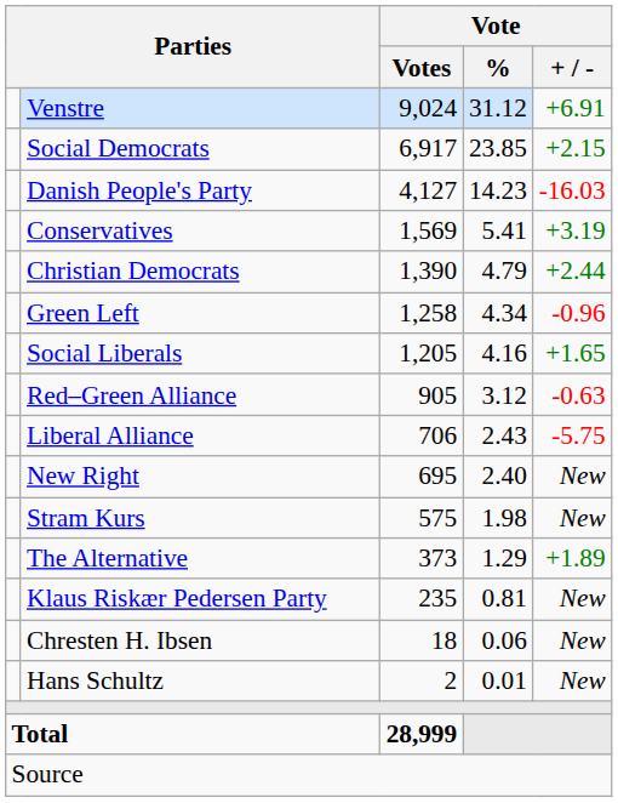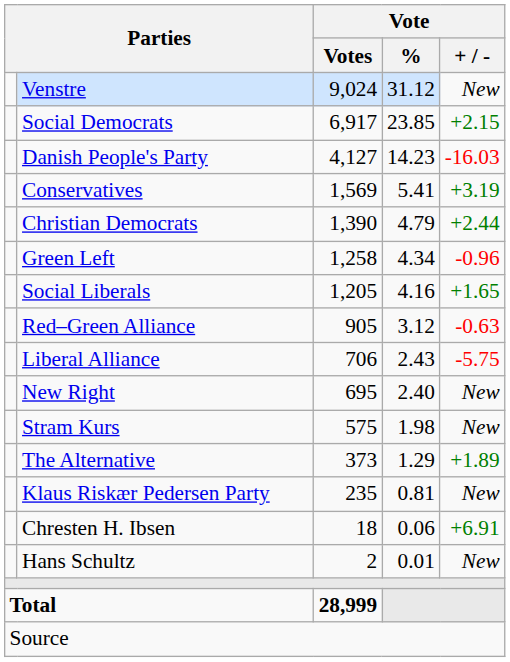 <table class="wikitable" style="text-align:right;">
 <tr>
 <th style="text-align:centre;" rowspan="2" colspan="2" width="225">Parties</th>
 <th colspan="3">Vote</th>
 </tr>
 <tr>
 <th width="15">Votes</th>
 <th width="15">%</th>
 <th width="15">+ / -</th>
 </tr>
 <tr>
 <td width="2" style="color:inherit;background:"></td>
 <td bgcolor=#cfe5fe  align="left"><a href='#'>Venstre</a></td>
 <td bgcolor=#cfe5fe>9,024</td>
 <td bgcolor=#cfe5fe>31.12</td>
-<td style=color:green;>+6.91</td>
+<td><em>New</em></td>
 </tr>
 <tr>
 <td width="2" style="color:inherit;background:"></td>
 <td align="left"><a href='#'>Social Democrats</a></td>
 <td>6,917</td>
 <td>23.85</td>
 <td style=color:green;>+2.15</td>
 </tr>
 <tr>
 <td width="2" style="color:inherit;background:"></td>
 <td align="left"><a href='#'>Danish People's Party</a></td>
 <td>4,127</td>
 <td>14.23</td>
 <td style=color:red;>-16.03</td>
 </tr>
 <tr>
 <td width="2" style="color:inherit;background:"></td>
 <td align="left"><a href='#'>Conservatives</a></td>
 <td>1,569</td>
 <td>5.41</td>
 <td style=color:green;>+3.19</td>
 </tr>
 <tr>
 <td width="2" style="color:inherit;background:"></td>
 <td align="left"><a href='#'>Christian Democrats</a></td>
 <td>1,390</td>
 <td>4.79</td>
 <td style=color:green;>+2.44</td>
 </tr>
 <tr>
 <td width="2" style="color:inherit;background:"></td>
 <td align="left"><a href='#'>Green Left</a></td>
 <td>1,258</td>
 <td>4.34</td>
 <td style=color:red;>-0.96</td>
 </tr>
 <tr>
 <td width="2" style="color:inherit;background:"></td>
 <td align="left"><a href='#'>Social Liberals</a></td>
 <td>1,205</td>
 <td>4.16</td>
 <td style=color:green;>+1.65</td>
 </tr>
 <tr>
 <td width="2" style="color:inherit;background:"></td>
 <td align="left"><a href='#'>Red–Green Alliance</a></td>
 <td>905</td>
 <td>3.12</td>
 <td style=color:red;>-0.63</td>
 </tr>
 <tr>
 <td width="2" style="color:inherit;background:"></td>
 <td align="left"><a href='#'>Liberal Alliance</a></td>
 <td>706</td>
 <td>2.43</td>
 <td style=color:red;>-5.75</td>
 </tr>
 <tr>
 <td width="2" style="color:inherit;background:"></td>
 <td align="left"><a href='#'>New Right</a></td>
 <td>695</td>
 <td>2.40</td>
 <td><em>New</em></td>
 </tr>
 <tr>
 <td width="2" style="color:inherit;background:"></td>
 <td align="left"><a href='#'>Stram Kurs</a></td>
 <td>575</td>
 <td>1.98</td>
 <td><em>New</em></td>
 </tr>
 <tr>
 <td width="2" style="color:inherit;background:"></td>
 <td align="left"><a href='#'>The Alternative</a></td>
 <td>373</td>
 <td>1.29</td>
 <td style=color:green;>+1.89</td>
 </tr>
 <tr>
 <td width="2" style="color:inherit;background:"></td>
 <td align="left"><a href='#'>Klaus Riskær Pedersen Party</a></td>
 <td>235</td>
 <td>0.81</td>
 <td><em>New</em></td>
 </tr>
 <tr>
 <td width="2" style="color:inherit;background:"></td>
 <td align="left">Chresten H. Ibsen</td>
 <td>18</td>
 <td>0.06</td>
-<td><em>New</em></td>
+<td style=color:green;>+6.91</td>
 </tr>
 <tr>
 <td width="2" style="color:inherit;background:"></td>
 <td align="left">Hans Schultz</td>
 <td>2</td>
 <td>0.01</td>
 <td><em>New</em></td>
 </tr>
 <tr>
 <td colspan="7" bgcolor="#E9E9E9"></td>
 </tr>
 <tr>
 <td align="left" colspan="2"><strong>Total</strong></td>
 <td><strong>28,999</strong></td>
 <td bgcolor="#E9E9E9" colspan="2"></td>
 </tr>
 <tr>
 <td align="left" colspan="6">Source</td>
 </tr>
 </table>
